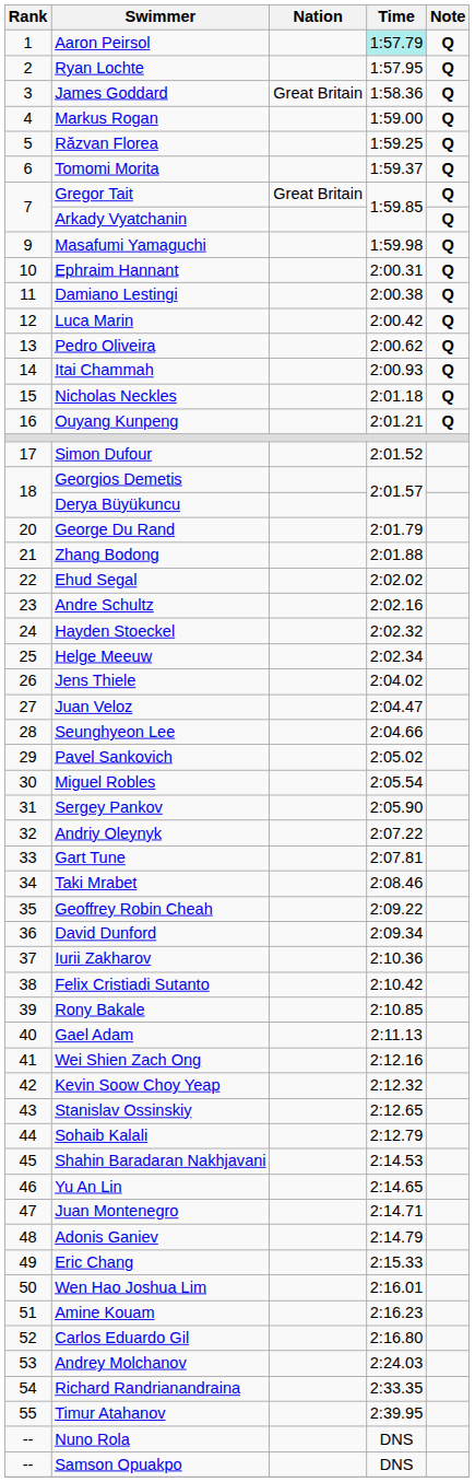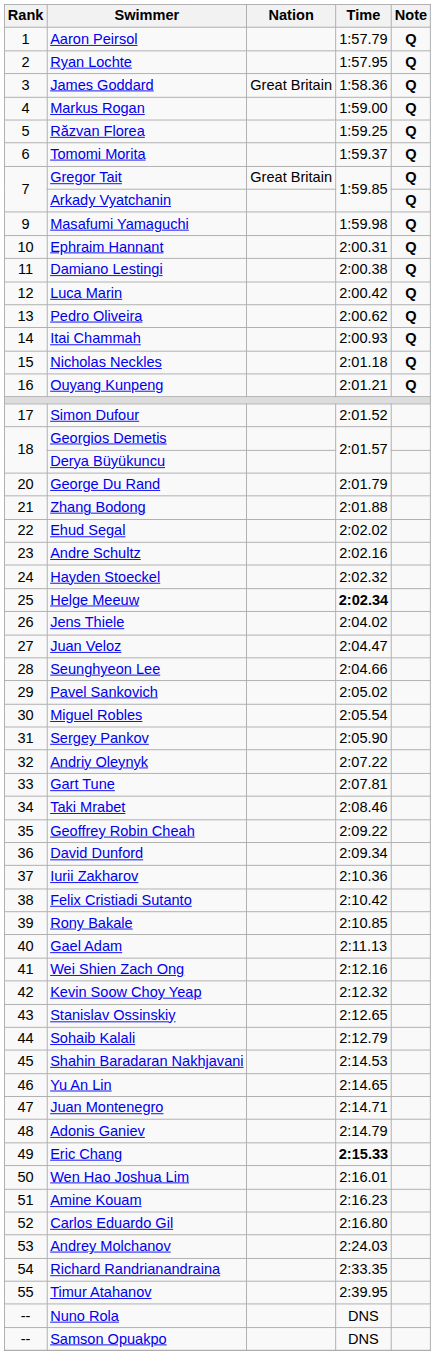 <table class="wikitable" style="text-align:center">
 <tr>
 <th>Rank</th>
 <th>Swimmer</th>
 <th>Nation</th>
 <th>Time</th>
 <th>Note</th>
 </tr>
 <tr>
 <td>1</td>
 <td align=left><a href='#'>Aaron Peirsol</a></td>
 <td align=left></td>
-<td style="background: paleturquoise;">1:57.79</td>
+<td>1:57.79</td>
 <td><strong>Q</strong></td>
 </tr>
 <tr>
 <td>2</td>
 <td align=left><a href='#'>Ryan Lochte</a></td>
 <td align=left></td>
 <td>1:57.95</td>
 <td><strong>Q</strong></td>
 </tr>
 <tr>
 <td>3</td>
 <td align=left><a href='#'>James Goddard</a></td>
 <td align=left> Great Britain</td>
 <td>1:58.36</td>
 <td><strong>Q</strong></td>
 </tr>
 <tr>
 <td>4</td>
 <td align=left><a href='#'>Markus Rogan</a></td>
 <td align=left></td>
 <td>1:59.00</td>
 <td><strong>Q</strong></td>
 </tr>
 <tr>
 <td>5</td>
 <td align=left><a href='#'>Răzvan Florea</a></td>
 <td align=left></td>
 <td>1:59.25</td>
 <td><strong>Q</strong></td>
 </tr>
 <tr>
 <td>6</td>
 <td align=left><a href='#'>Tomomi Morita</a></td>
 <td align=left></td>
 <td>1:59.37</td>
 <td><strong>Q</strong></td>
 </tr>
 <tr>
 <td rowspan=2>7</td>
 <td align=left><a href='#'>Gregor Tait</a></td>
 <td align=left> Great Britain</td>
 <td rowspan=2>1:59.85</td>
 <td><strong>Q</strong></td>
 </tr>
 <tr>
 <td align=left><a href='#'>Arkady Vyatchanin</a></td>
 <td align=left></td>
 <td><strong>Q</strong></td>
 </tr>
 <tr>
 <td>9</td>
 <td align=left><a href='#'>Masafumi Yamaguchi</a></td>
 <td align=left></td>
 <td>1:59.98</td>
 <td><strong>Q</strong></td>
 </tr>
 <tr>
 <td>10</td>
 <td align=left><a href='#'>Ephraim Hannant</a></td>
 <td align=left></td>
 <td>2:00.31</td>
 <td><strong>Q</strong></td>
 </tr>
 <tr>
 <td>11</td>
 <td align=left><a href='#'>Damiano Lestingi</a></td>
 <td align=left></td>
 <td>2:00.38</td>
 <td><strong>Q</strong></td>
 </tr>
 <tr>
 <td>12</td>
 <td align=left><a href='#'>Luca Marin</a></td>
 <td align=left></td>
 <td>2:00.42</td>
 <td><strong>Q</strong></td>
 </tr>
 <tr>
 <td>13</td>
 <td align=left><a href='#'>Pedro Oliveira</a></td>
 <td align=left></td>
 <td>2:00.62</td>
 <td><strong>Q</strong></td>
 </tr>
 <tr>
 <td>14</td>
 <td align=left><a href='#'>Itai Chammah</a></td>
 <td align=left></td>
 <td>2:00.93</td>
 <td><strong>Q</strong></td>
 </tr>
 <tr>
 <td>15</td>
 <td align=left><a href='#'>Nicholas Neckles</a></td>
 <td align=left></td>
 <td>2:01.18</td>
 <td><strong>Q</strong></td>
 </tr>
 <tr>
 <td>16</td>
 <td align=left><a href='#'>Ouyang Kunpeng</a></td>
 <td align=left></td>
 <td>2:01.21</td>
 <td><strong>Q</strong></td>
 </tr>
 <tr bgcolor=#DDDDDD>
 <td colspan=5></td>
 </tr>
 <tr>
 <td>17</td>
 <td align=left><a href='#'>Simon Dufour</a></td>
 <td align=left></td>
 <td>2:01.52</td>
 <td></td>
 </tr>
 <tr>
 <td rowspan=2>18</td>
 <td align=left><a href='#'>Georgios Demetis</a></td>
 <td align=left></td>
 <td rowspan=2>2:01.57</td>
 <td></td>
 </tr>
 <tr>
 <td align=left><a href='#'>Derya Büyükuncu</a></td>
 <td align=left></td>
 <td></td>
 </tr>
 <tr>
 <td>20</td>
 <td align=left><a href='#'>George Du Rand</a></td>
 <td align=left></td>
 <td>2:01.79</td>
 <td></td>
 </tr>
 <tr>
 <td>21</td>
 <td align=left><a href='#'>Zhang Bodong</a></td>
 <td align=left></td>
 <td>2:01.88</td>
 <td></td>
 </tr>
 <tr>
 <td>22</td>
 <td align=left><a href='#'>Ehud Segal</a></td>
 <td align=left></td>
 <td>2:02.02</td>
 <td></td>
 </tr>
 <tr>
 <td>23</td>
 <td align=left><a href='#'>Andre Schultz</a></td>
 <td align=left></td>
 <td>2:02.16</td>
 <td></td>
 </tr>
 <tr>
 <td>24</td>
 <td align=left><a href='#'>Hayden Stoeckel</a></td>
 <td align=left></td>
 <td>2:02.32</td>
 <td></td>
 </tr>
 <tr>
 <td>25</td>
 <td align=left><a href='#'>Helge Meeuw</a></td>
 <td align=left></td>
-<td>2:02.34</td>
+<td><strong>2:02.34</strong></td>
 <td></td>
 </tr>
 <tr>
 <td>26</td>
 <td align=left><a href='#'>Jens Thiele</a></td>
 <td align=left></td>
 <td>2:04.02</td>
 <td></td>
 </tr>
 <tr>
 <td>27</td>
 <td align=left><a href='#'>Juan Veloz</a></td>
 <td align=left></td>
 <td>2:04.47</td>
 <td></td>
 </tr>
 <tr>
 <td>28</td>
 <td align=left><a href='#'>Seunghyeon Lee</a></td>
 <td align=left></td>
 <td>2:04.66</td>
 <td></td>
 </tr>
 <tr>
 <td>29</td>
 <td align=left><a href='#'>Pavel Sankovich</a></td>
 <td align=left></td>
 <td>2:05.02</td>
 <td></td>
 </tr>
 <tr>
 <td>30</td>
 <td align=left><a href='#'>Miguel Robles</a></td>
 <td align=left></td>
 <td>2:05.54</td>
 <td></td>
 </tr>
 <tr>
 <td>31</td>
 <td align=left><a href='#'>Sergey Pankov</a></td>
 <td align=left></td>
 <td>2:05.90</td>
 <td></td>
 </tr>
 <tr>
 <td>32</td>
 <td align=left><a href='#'>Andriy Oleynyk</a></td>
 <td align=left></td>
 <td>2:07.22</td>
 <td></td>
 </tr>
 <tr>
 <td>33</td>
 <td align=left><a href='#'>Gart Tune</a></td>
 <td align=left></td>
 <td>2:07.81</td>
 <td></td>
 </tr>
 <tr>
 <td>34</td>
 <td align=left><a href='#'>Taki Mrabet</a></td>
 <td align=left></td>
 <td>2:08.46</td>
 <td></td>
 </tr>
 <tr>
 <td>35</td>
 <td align=left><a href='#'>Geoffrey Robin Cheah</a></td>
 <td align=left></td>
 <td>2:09.22</td>
 <td></td>
 </tr>
 <tr>
 <td>36</td>
 <td align=left><a href='#'>David Dunford</a></td>
 <td align=left></td>
 <td>2:09.34</td>
 <td></td>
 </tr>
 <tr>
 <td>37</td>
 <td align=left><a href='#'>Iurii Zakharov</a></td>
 <td align=left></td>
 <td>2:10.36</td>
 <td></td>
 </tr>
 <tr>
 <td>38</td>
 <td align=left><a href='#'>Felix Cristiadi Sutanto</a></td>
 <td align=left></td>
 <td>2:10.42</td>
 <td></td>
 </tr>
 <tr>
 <td>39</td>
 <td align=left><a href='#'>Rony Bakale</a></td>
 <td align=left></td>
 <td>2:10.85</td>
 <td></td>
 </tr>
 <tr>
 <td>40</td>
 <td align=left><a href='#'>Gael Adam</a></td>
 <td align=left></td>
 <td>2:11.13</td>
 <td></td>
 </tr>
 <tr>
 <td>41</td>
 <td align=left><a href='#'>Wei Shien Zach Ong</a></td>
 <td align=left></td>
 <td>2:12.16</td>
 <td></td>
 </tr>
 <tr>
 <td>42</td>
 <td align=left><a href='#'>Kevin Soow Choy Yeap</a></td>
 <td align=left></td>
 <td>2:12.32</td>
 <td></td>
 </tr>
 <tr>
 <td>43</td>
 <td align=left><a href='#'>Stanislav Ossinskiy</a></td>
 <td align=left></td>
 <td>2:12.65</td>
 <td></td>
 </tr>
 <tr>
 <td>44</td>
 <td align=left><a href='#'>Sohaib Kalali</a></td>
 <td align=left></td>
 <td>2:12.79</td>
 <td></td>
 </tr>
 <tr>
 <td>45</td>
 <td align=left><a href='#'>Shahin Baradaran Nakhjavani</a></td>
 <td align=left></td>
 <td>2:14.53</td>
 <td></td>
 </tr>
 <tr>
 <td>46</td>
 <td align=left><a href='#'>Yu An Lin</a></td>
 <td align=left></td>
 <td>2:14.65</td>
 <td></td>
 </tr>
 <tr>
 <td>47</td>
 <td align=left><a href='#'>Juan Montenegro</a></td>
 <td align=left></td>
 <td>2:14.71</td>
 <td></td>
 </tr>
 <tr>
 <td>48</td>
 <td align=left><a href='#'>Adonis Ganiev</a></td>
 <td align=left></td>
 <td>2:14.79</td>
 <td></td>
 </tr>
 <tr>
 <td>49</td>
 <td align=left><a href='#'>Eric Chang</a></td>
 <td align=left></td>
-<td>2:15.33</td>
+<td><strong>2:15.33</strong></td>
 <td></td>
 </tr>
 <tr>
 <td>50</td>
 <td align=left><a href='#'>Wen Hao Joshua Lim</a></td>
 <td align=left></td>
 <td>2:16.01</td>
 <td></td>
 </tr>
 <tr>
 <td>51</td>
 <td align=left><a href='#'>Amine Kouam</a></td>
 <td align=left></td>
 <td>2:16.23</td>
 <td></td>
 </tr>
 <tr>
 <td>52</td>
 <td align=left><a href='#'>Carlos Eduardo Gil</a></td>
 <td align=left></td>
 <td>2:16.80</td>
 <td></td>
 </tr>
 <tr>
 <td>53</td>
 <td align=left><a href='#'>Andrey Molchanov</a></td>
 <td align=left></td>
 <td>2:24.03</td>
 <td></td>
 </tr>
 <tr>
 <td>54</td>
 <td align=left><a href='#'>Richard Randrianandraina</a></td>
 <td align=left></td>
 <td>2:33.35</td>
 <td></td>
 </tr>
 <tr>
 <td>55</td>
 <td align=left><a href='#'>Timur Atahanov</a></td>
 <td align=left></td>
 <td>2:39.95</td>
 <td></td>
 </tr>
 <tr>
 <td>--</td>
 <td align=left><a href='#'>Nuno Rola</a></td>
 <td align=left></td>
 <td>DNS</td>
 <td></td>
 </tr>
 <tr>
 <td>--</td>
 <td align=left><a href='#'>Samson Opuakpo</a></td>
 <td align=left></td>
 <td>DNS</td>
 <td></td>
 </tr>
 <tr>
 </tr>
 </table>
